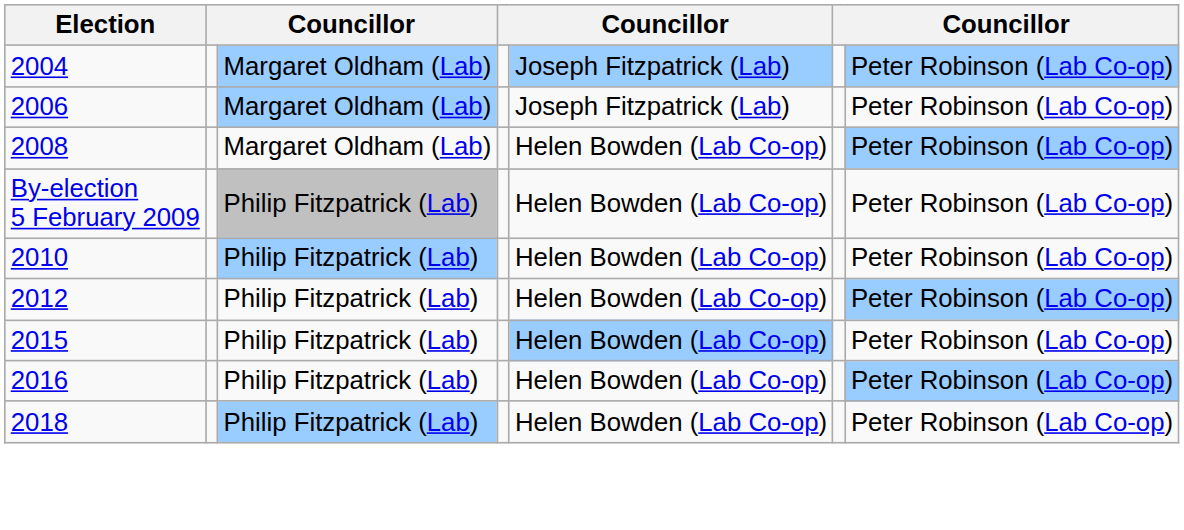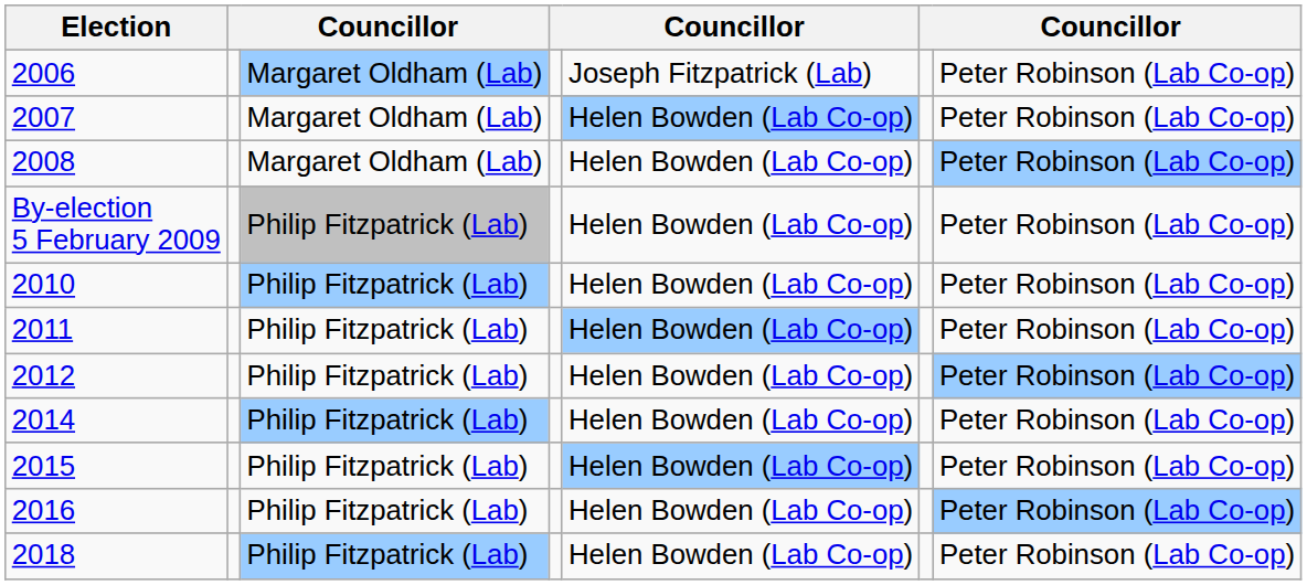 <table class="wikitable">
 <tr>
 <th>Election</th>
 <th colspan="2">Councillor</th>
 <th colspan="2">Councillor</th>
 <th colspan="2">Councillor</th>
 </tr>
 <tr>
-<td><a href='#'>2004</a></td>
-<td style="background-color: "></td>
-<td bgcolor="#99CCFF">Margaret Oldham (<a href='#'>Lab</a>)</td>
-<td style="background-color: "></td>
-<td bgcolor="#99CCFF">Joseph Fitzpatrick (<a href='#'>Lab</a>)</td>
-<td style="background-color: "></td>
-<td bgcolor="#99CCFF">Peter Robinson (<a href='#'>Lab Co-op</a>)</td>
-</tr>
-<tr>
 <td><a href='#'>2006</a></td>
 <td style="background-color: "></td>
 <td bgcolor="#99CCFF">Margaret Oldham (<a href='#'>Lab</a>)</td>
 <td style="background-color: "></td>
 <td>Joseph Fitzpatrick (<a href='#'>Lab</a>)</td>
+<td style="background-color: "></td>
+<td>Peter Robinson (<a href='#'>Lab Co-op</a>)</td>
+</tr>
+<tr>
+<td><a href='#'>2007</a></td>
+<td style="background-color: "></td>
+<td>Margaret Oldham (<a href='#'>Lab</a>)</td>
+<td style="background-color: "></td>
+<td bgcolor="#99CCFF">Helen Bowden (<a href='#'>Lab Co-op</a>)</td>
 <td style="background-color: "></td>
 <td>Peter Robinson (<a href='#'>Lab Co-op</a>)</td>
 </tr>
 <tr>
 <td><a href='#'>2008</a></td>
 <td style="background-color: "></td>
 <td>Margaret Oldham (<a href='#'>Lab</a>)</td>
 <td style="background-color: "></td>
 <td>Helen Bowden (<a href='#'>Lab Co-op</a>)</td>
 <td style="background-color: "></td>
 <td bgcolor="#99CCFF">Peter Robinson (<a href='#'>Lab Co-op</a>)</td>
 </tr>
 <tr>
 <td><a href='#'>By-election<br>5 February 2009</a></td>
 <td style="background-color: "></td>
 <td bgcolor="#C0C0C0">Philip Fitzpatrick (<a href='#'>Lab</a>)</td>
 <td style="background-color: "></td>
 <td>Helen Bowden (<a href='#'>Lab Co-op</a>)</td>
 <td style="background-color: "></td>
 <td>Peter Robinson (<a href='#'>Lab Co-op</a>)</td>
 </tr>
 <tr>
 <td><a href='#'>2010</a></td>
 <td style="background-color: "></td>
 <td bgcolor="#99CCFF">Philip Fitzpatrick (<a href='#'>Lab</a>)</td>
 <td style="background-color: "></td>
 <td>Helen Bowden (<a href='#'>Lab Co-op</a>)</td>
 <td style="background-color: "></td>
 <td>Peter Robinson (<a href='#'>Lab Co-op</a>)</td>
 </tr>
 <tr>
+<td><a href='#'>2011</a></td>
+<td style="background-color: "></td>
+<td>Philip Fitzpatrick (<a href='#'>Lab</a>)</td>
+<td style="background-color: "></td>
+<td bgcolor="#99CCFF">Helen Bowden (<a href='#'>Lab Co-op</a>)</td>
+<td style="background-color: "></td>
+<td>Peter Robinson (<a href='#'>Lab Co-op</a>)</td>
+</tr>
+<tr>
 <td><a href='#'>2012</a></td>
 <td style="background-color: "></td>
 <td>Philip Fitzpatrick (<a href='#'>Lab</a>)</td>
 <td style="background-color: "></td>
 <td>Helen Bowden (<a href='#'>Lab Co-op</a>)</td>
 <td style="background-color: "></td>
 <td bgcolor="#99CCFF">Peter Robinson (<a href='#'>Lab Co-op</a>)</td>
+</tr>
+<tr>
+<td><a href='#'>2014</a></td>
+<td style="background-color: "></td>
+<td bgcolor="#99CCFF">Philip Fitzpatrick (<a href='#'>Lab</a>)</td>
+<td style="background-color: "></td>
+<td>Helen Bowden (<a href='#'>Lab Co-op</a>)</td>
+<td style="background-color: "></td>
+<td>Peter Robinson (<a href='#'>Lab Co-op</a>)</td>
 </tr>
 <tr>
 <td><a href='#'>2015</a></td>
 <td style="background-color: "></td>
 <td>Philip Fitzpatrick (<a href='#'>Lab</a>)</td>
 <td style="background-color: "></td>
 <td bgcolor="#99CCFF">Helen Bowden (<a href='#'>Lab Co-op</a>)</td>
 <td style="background-color: "></td>
 <td>Peter Robinson (<a href='#'>Lab Co-op</a>)</td>
 </tr>
 <tr>
 <td><a href='#'>2016</a></td>
 <td style="background-color: "></td>
 <td>Philip Fitzpatrick (<a href='#'>Lab</a>)</td>
 <td style="background-color: "></td>
 <td>Helen Bowden (<a href='#'>Lab Co-op</a>)</td>
 <td style="background-color: "></td>
 <td bgcolor="#99CCFF">Peter Robinson (<a href='#'>Lab Co-op</a>)</td>
 </tr>
 <tr>
 <td><a href='#'>2018</a></td>
 <td style="background-color: "></td>
 <td bgcolor="#99CCFF">Philip Fitzpatrick (<a href='#'>Lab</a>)</td>
 <td style="background-color: "></td>
 <td>Helen Bowden (<a href='#'>Lab Co-op</a>)</td>
 <td style="background-color: "></td>
 <td>Peter Robinson (<a href='#'>Lab Co-op</a>)</td>
 </tr>
 </table>
